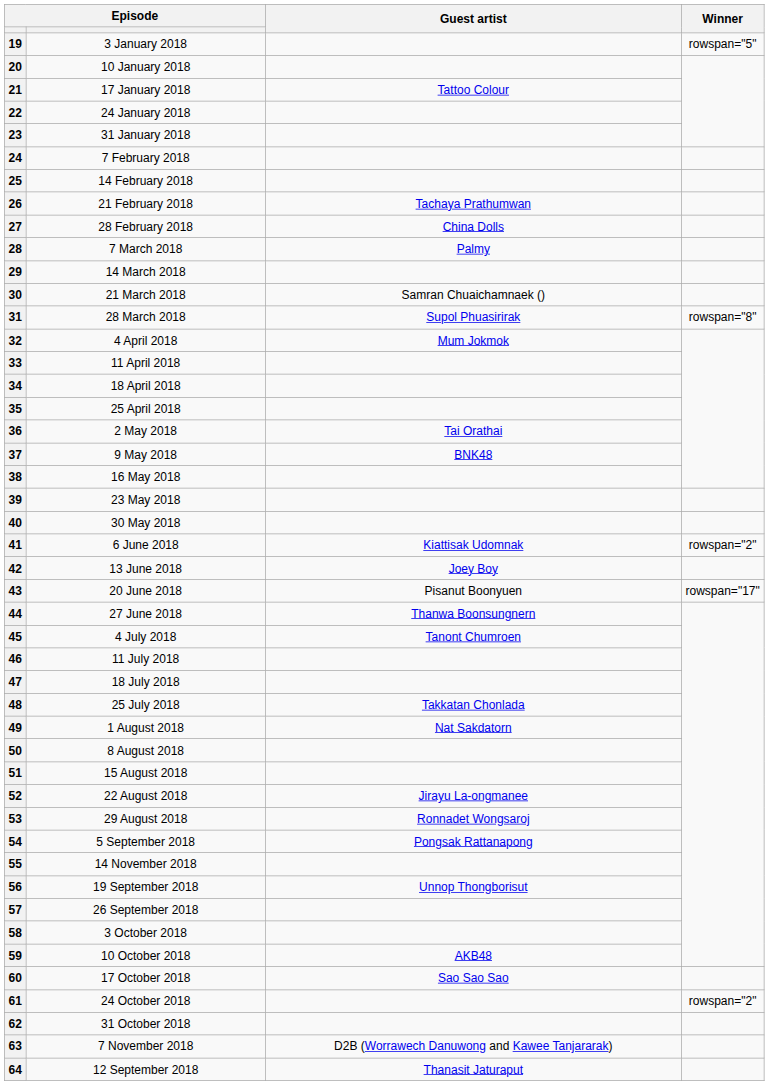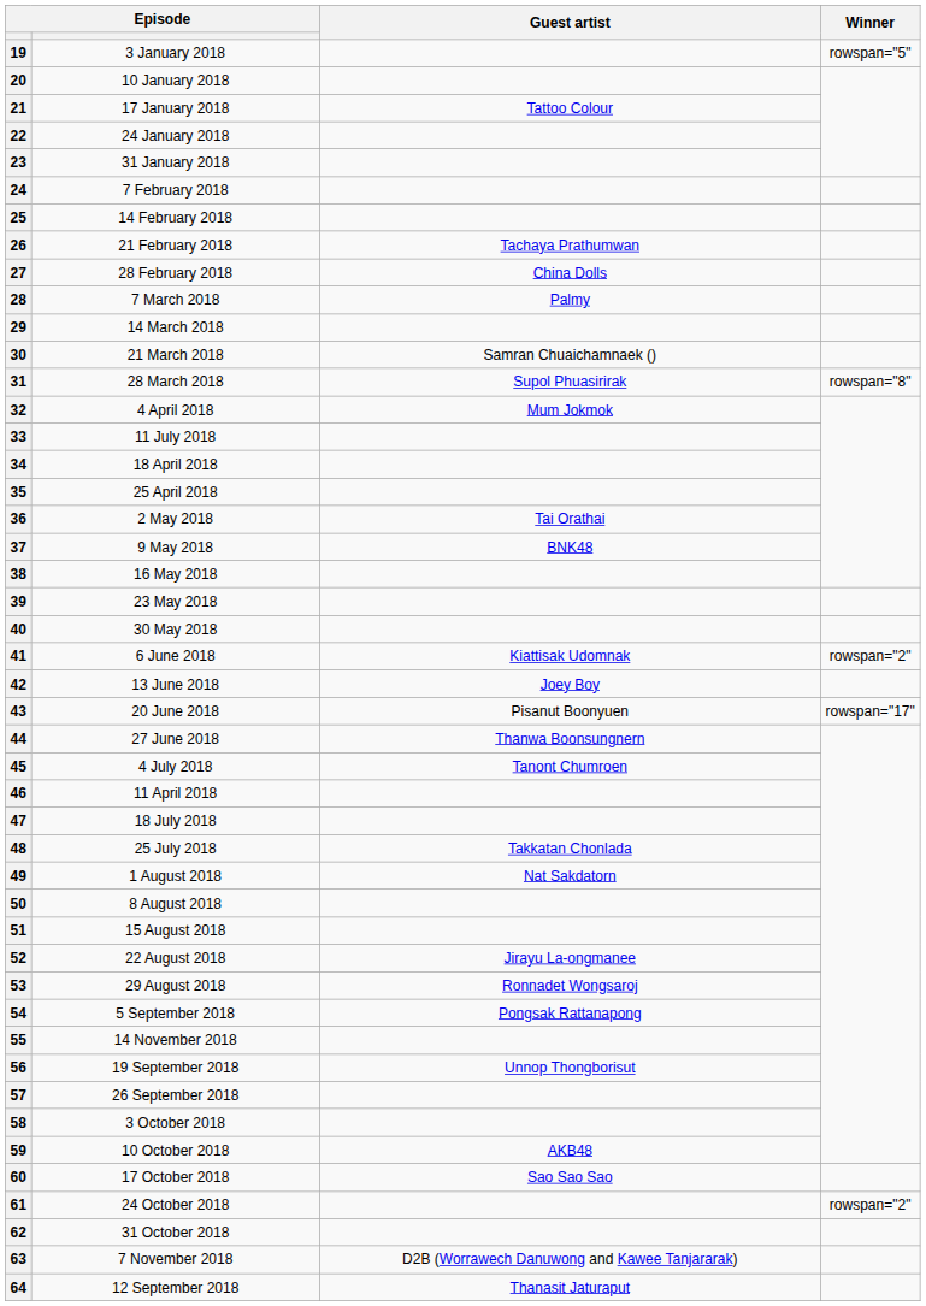 <table class="wikitable plainrowheaders mw-collapsible" style="text-align:center; line-height:23px; width:64%;">
 <tr>
 <th colspan="2" width="24%">Episode</th>
 <th rowspan="2" width="40%">Guest artist</th>
 <th rowspan="2" width="1%">Winner</th>
 </tr>
 <tr>
 <th width="01%"></th>
 <th></th>
 </tr>
 <tr>
 <th>19</th>
 <td>3 January 2018</td>
 <td></td>
 <td>rowspan="5" </td>
 </tr>
 <tr>
 <th>20</th>
 <td>10 January 2018</td>
 <td></td>
 </tr>
 <tr>
 <th>21</th>
 <td>17 January 2018</td>
 <td><a href='#'>Tattoo Colour</a></td>
 </tr>
 <tr>
 <th>22</th>
 <td>24 January 2018</td>
 <td></td>
 </tr>
 <tr>
 <th>23</th>
 <td>31 January 2018</td>
 <td></td>
 </tr>
 <tr>
 <th>24</th>
 <td>7 February 2018</td>
 <td></td>
 <td></td>
 </tr>
 <tr>
 <th>25</th>
 <td>14 February 2018</td>
 <td></td>
 <td></td>
 </tr>
 <tr>
 <th>26</th>
 <td>21 February 2018</td>
 <td><a href='#'>Tachaya Prathumwan</a></td>
 <td></td>
 </tr>
 <tr>
 <th>27</th>
 <td>28 February 2018</td>
 <td><a href='#'>China Dolls</a></td>
 <td></td>
 </tr>
 <tr>
 <th>28</th>
 <td>7 March 2018</td>
 <td><a href='#'>Palmy</a></td>
 <td></td>
 </tr>
 <tr>
 <th>29</th>
 <td>14 March 2018</td>
 <td></td>
 <td></td>
 </tr>
 <tr>
 <th>30</th>
 <td>21 March 2018</td>
 <td>Samran Chuaichamnaek ()</td>
 <td></td>
 </tr>
 <tr>
 <th>31</th>
 <td>28 March 2018</td>
 <td><a href='#'>Supol Phuasirirak</a></td>
 <td>rowspan="8" </td>
 </tr>
 <tr>
 <th>32</th>
 <td>4 April 2018</td>
 <td><a href='#'>Mum Jokmok</a></td>
 </tr>
 <tr>
 <th>33</th>
-<td>11 April 2018</td>
+<td>11 July 2018</td>
 <td></td>
 </tr>
 <tr>
 <th>34</th>
 <td>18 April 2018</td>
 <td><em></em></td>
 </tr>
 <tr>
 <th>35</th>
 <td>25 April 2018</td>
 <td></td>
 </tr>
 <tr>
 <th>36</th>
 <td>2 May 2018</td>
 <td><a href='#'>Tai Orathai</a></td>
 </tr>
 <tr>
 <th>37</th>
 <td>9 May 2018</td>
 <td><a href='#'>BNK48</a></td>
 </tr>
 <tr>
 <th>38</th>
 <td>16 May 2018</td>
 <td><em></em></td>
 </tr>
 <tr>
 <th>39</th>
 <td>23 May 2018</td>
 <td><em></em></td>
 <td></td>
 </tr>
 <tr>
 <th>40</th>
 <td>30 May 2018</td>
 <td></td>
 <td></td>
 </tr>
 <tr>
 <th>41</th>
 <td>6 June 2018</td>
 <td><a href='#'>Kiattisak Udomnak</a></td>
 <td>rowspan="2" </td>
 </tr>
 <tr>
 <th>42</th>
 <td>13 June 2018</td>
 <td><a href='#'>Joey Boy</a></td>
 </tr>
 <tr>
 <th>43</th>
 <td>20 June 2018</td>
 <td>Pisanut Boonyuen</td>
 <td>rowspan="17" </td>
 </tr>
 <tr>
 <th>44</th>
 <td>27 June 2018</td>
 <td><a href='#'>Thanwa Boonsungnern</a></td>
 </tr>
 <tr>
 <th>45</th>
 <td>4 July 2018</td>
 <td><a href='#'>Tanont Chumroen</a></td>
 </tr>
 <tr>
 <th>46</th>
-<td>11 July 2018</td>
+<td>11 April 2018</td>
 <td><em></em></td>
 </tr>
 <tr>
 <th>47</th>
 <td>18 July 2018</td>
 <td></td>
 </tr>
 <tr>
 <th>48</th>
 <td>25 July 2018</td>
 <td><a href='#'>Takkatan Chonlada</a></td>
 </tr>
 <tr>
 <th>49</th>
 <td>1 August 2018</td>
 <td><a href='#'>Nat Sakdatorn</a></td>
 </tr>
 <tr>
 <th>50</th>
 <td>8 August 2018</td>
 <td></td>
 </tr>
 <tr>
 <th>51</th>
 <td>15 August 2018</td>
 <td></td>
 </tr>
 <tr>
 <th>52</th>
 <td>22 August 2018</td>
 <td><a href='#'>Jirayu La-ongmanee</a></td>
 </tr>
 <tr>
 <th>53</th>
 <td>29 August 2018</td>
 <td><a href='#'>Ronnadet Wongsaroj</a></td>
 </tr>
 <tr>
 <th>54</th>
 <td>5 September 2018</td>
 <td><a href='#'>Pongsak Rattanapong</a></td>
 </tr>
 <tr>
 <th>55</th>
 <td>14 November 2018</td>
 <td><em></em></td>
 </tr>
 <tr>
 <th>56</th>
 <td>19 September 2018</td>
 <td><a href='#'>Unnop Thongborisut</a></td>
 </tr>
 <tr>
 <th>57</th>
 <td>26 September 2018</td>
 <td></td>
 </tr>
 <tr>
 <th>58</th>
 <td>3 October 2018</td>
 <td></td>
 </tr>
 <tr>
 <th>59</th>
 <td>10 October 2018</td>
 <td><a href='#'>AKB48</a></td>
 </tr>
 <tr>
 <th>60</th>
 <td>17 October 2018</td>
 <td><a href='#'>Sao Sao Sao</a></td>
 <td></td>
 </tr>
 <tr>
 <th>61</th>
 <td>24 October 2018</td>
 <td><em></em></td>
 <td>rowspan="2" </td>
 </tr>
 <tr>
 <th>62</th>
 <td>31 October 2018</td>
 <td></td>
 </tr>
 <tr>
 <th>63</th>
 <td>7 November 2018</td>
 <td>D2B (<a href='#'>Worrawech Danuwong</a> and <a href='#'>Kawee Tanjararak</a>)</td>
 <td></td>
 </tr>
 <tr>
 <th>64</th>
 <td>12 September 2018</td>
 <td><a href='#'>Thanasit Jaturaput</a></td>
 <td></td>
 </tr>
 </table>
